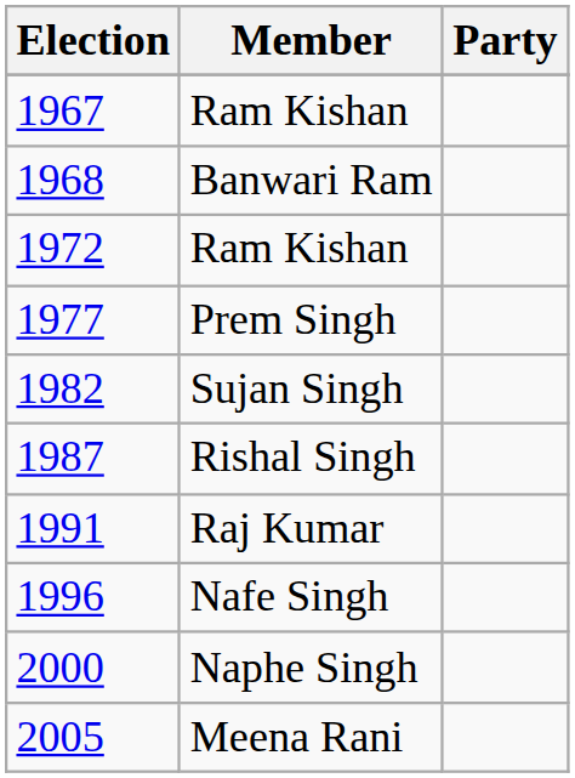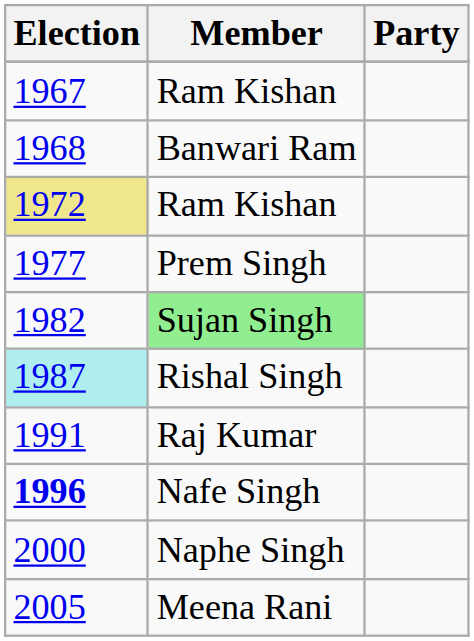 <table class="wikitable sortable">
 <tr>
 <th>Election</th>
 <th>Member</th>
 <th colspan=2>Party</th>
 </tr>
 <tr>
 </tr>
 <tr>
 <td><a href='#'>1967</a></td>
 <td>Ram Kishan</td>
 <td></td>
 </tr>
 <tr>
 <td><a href='#'>1968</a></td>
 <td>Banwari Ram</td>
 <td></td>
 </tr>
 <tr>
-<td><a href='#'>1972</a></td>
+<td style="background: khaki;"><a href='#'>1972</a></td>
 <td>Ram Kishan</td>
 <td></td>
 </tr>
 <tr>
 <td><a href='#'>1977</a></td>
 <td>Prem Singh</td>
 <td></td>
 </tr>
 <tr>
 <td><a href='#'>1982</a></td>
-<td>Sujan Singh</td>
+<td style="background: lightgreen;">Sujan Singh</td>
 <td></td>
 </tr>
 <tr>
-<td><a href='#'>1987</a></td>
+<td style="background: paleturquoise;"><a href='#'>1987</a></td>
 <td>Rishal Singh</td>
 </tr>
 <tr>
 <td><a href='#'>1991</a></td>
 <td>Raj Kumar</td>
 <td></td>
 </tr>
 <tr>
-<td><a href='#'>1996</a></td>
+<td><strong><a href='#'>1996</a></strong></td>
 <td>Nafe Singh</td>
 <td></td>
 </tr>
 <tr>
 <td><a href='#'>2000</a></td>
 <td>Naphe Singh</td>
 <td></td>
 </tr>
 <tr>
 <td><a href='#'>2005</a></td>
 <td>Meena Rani</td>
 <td></td>
 </tr>
 </table>
